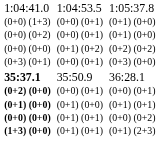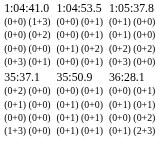 <table>
 <tr>
 <td><br></td>
 <td></td>
 <td>1:04:41.0<br><small>(0+0) (1+3)<br>(0+0) (0+2)<br>(0+0) (0+0)<br>(0+3) (0+1)</small></td>
 <td></td>
 <td>1:04:53.5<br><small>(0+0) (0+1)<br>(0+0) (0+1)<br>(0+1) (0+2)<br>(0+0) (0+1)</small></td>
 <td></td>
 <td>1:05:37.8<br><small>(0+1) (0+0)<br>(0+1) (0+0)<br>(0+2) (0+2)<br>(0+3) (0+0)</small></td>
 </tr>
 <tr>
 <td><br></td>
 <td></td>
-<td><strong>35:37.1<br><small>(0+2) (0+0)<br>(0+1) (0+0)<br>(0+0) (0+0)<br>(1+3) (0+0)</small></strong></td>
+<td>35:37.1<br><small>(0+2) (0+0)<br>(0+1) (0+0)<br>(0+0) (0+0)<br>(1+3) (0+0)</small></td>
 <td></td>
 <td>35:50.9<br><small>(0+0) (0+1)<br>(0+1) (0+0)<br>(0+1) (0+1)<br>(0+1) (0+1)</small></td>
 <td></td>
 <td>36:28.1<br><small>(0+0) (0+1)<br>(0+1) (0+1)<br>(0+0) (0+2)<br>(0+1) (2+3)</small></td>
 </tr>
 </table>
